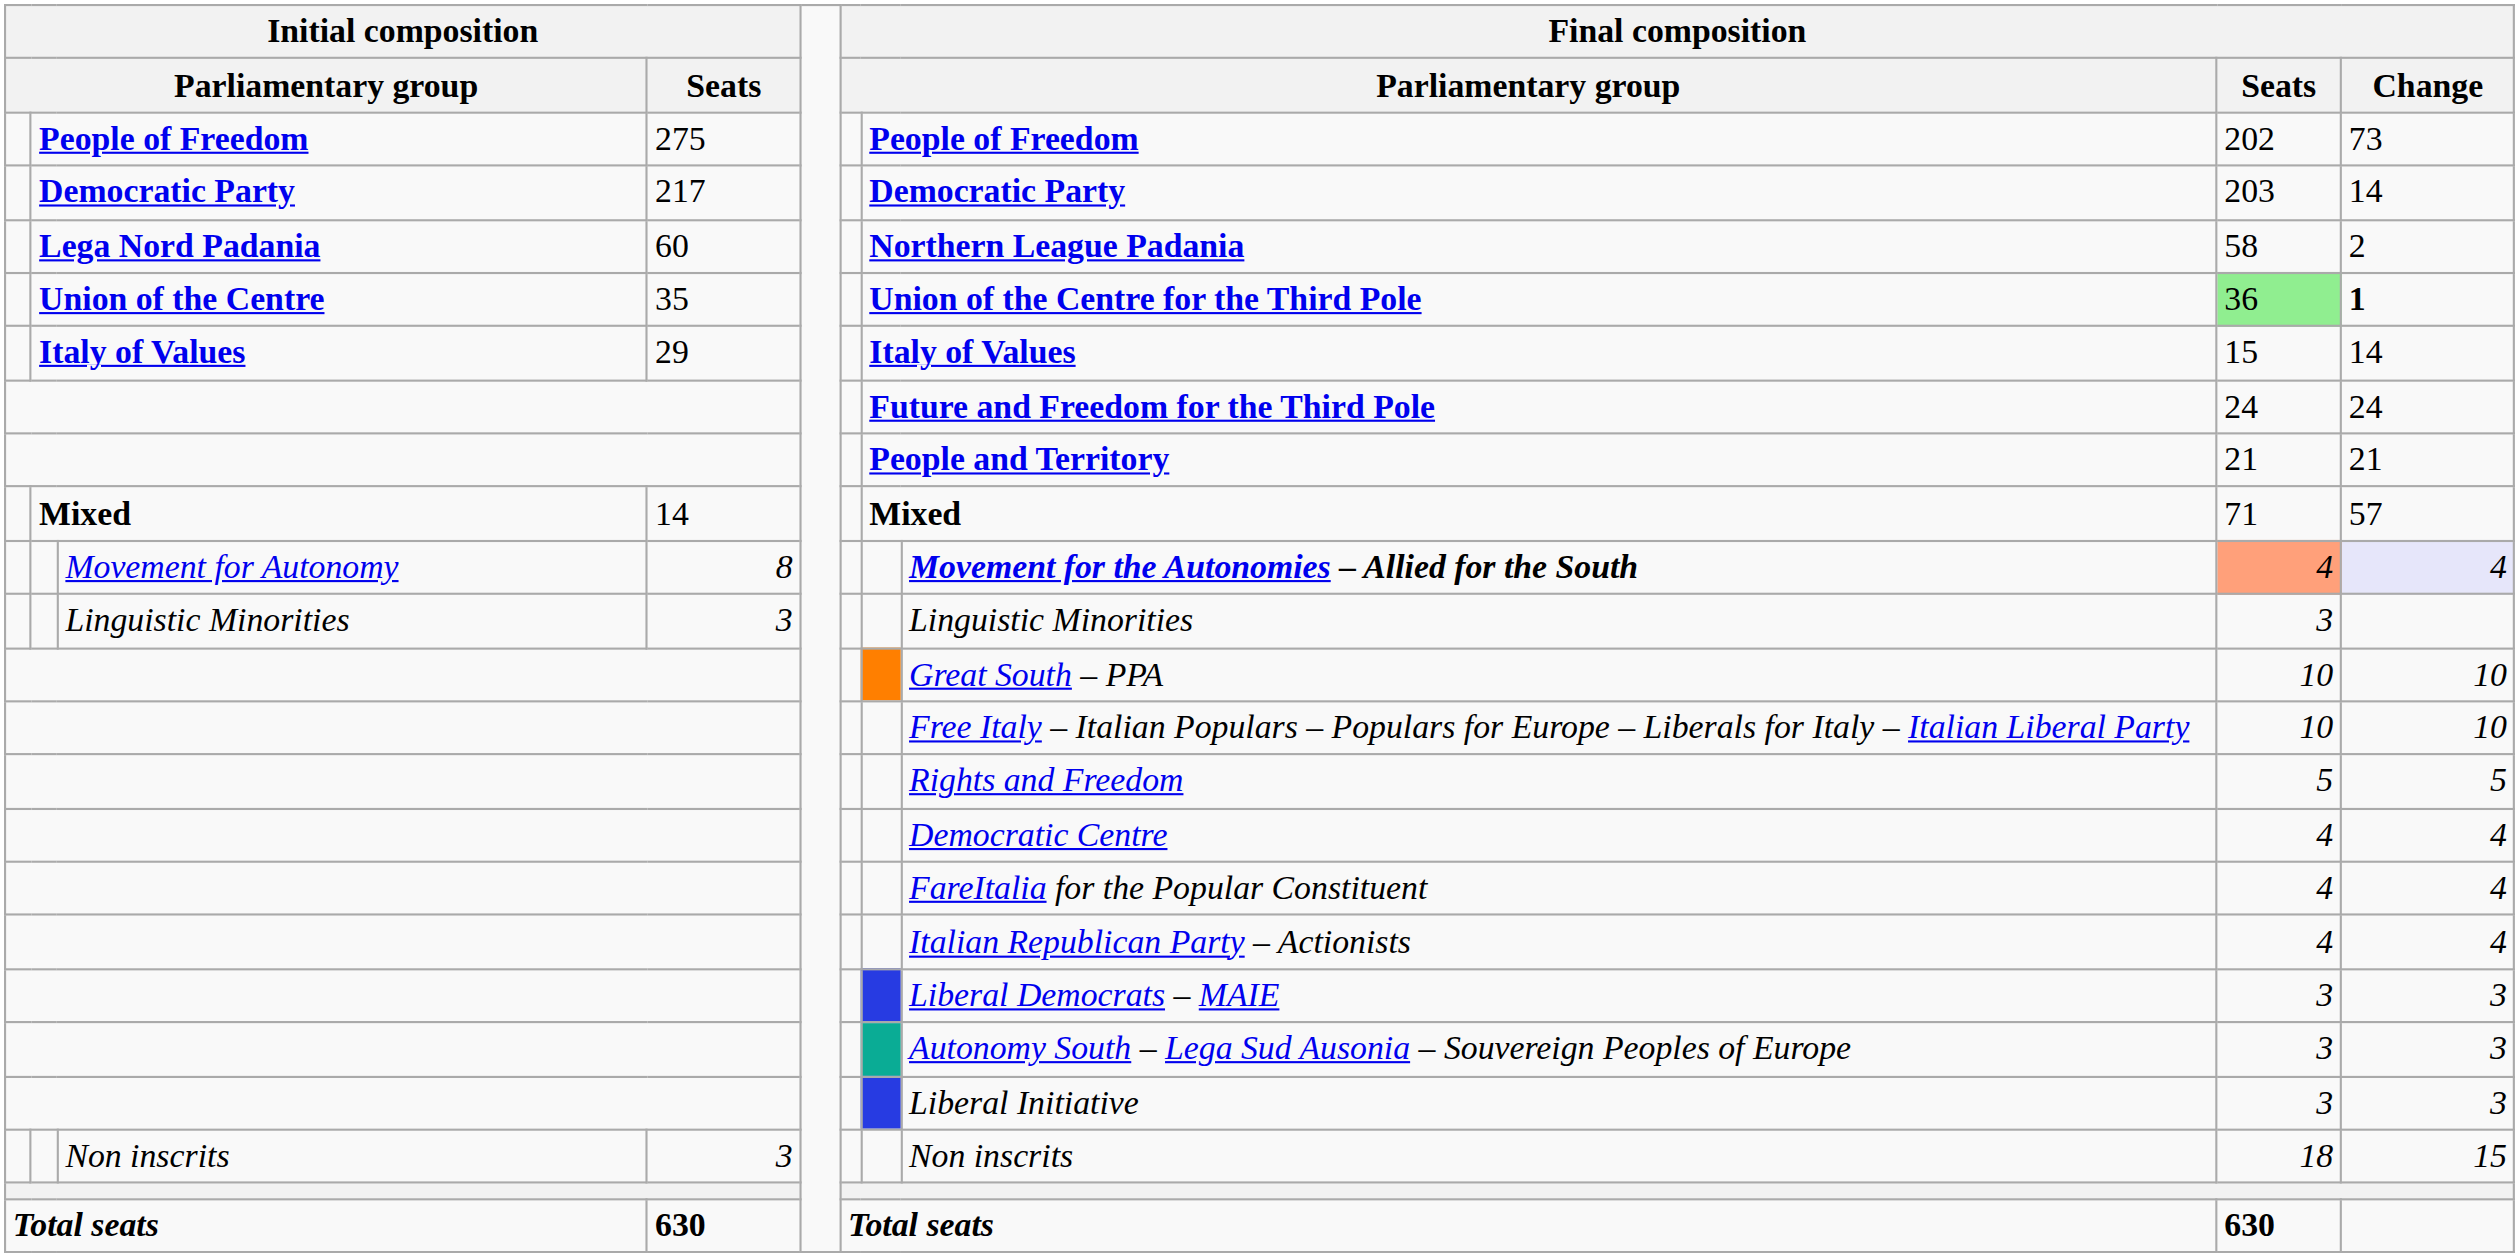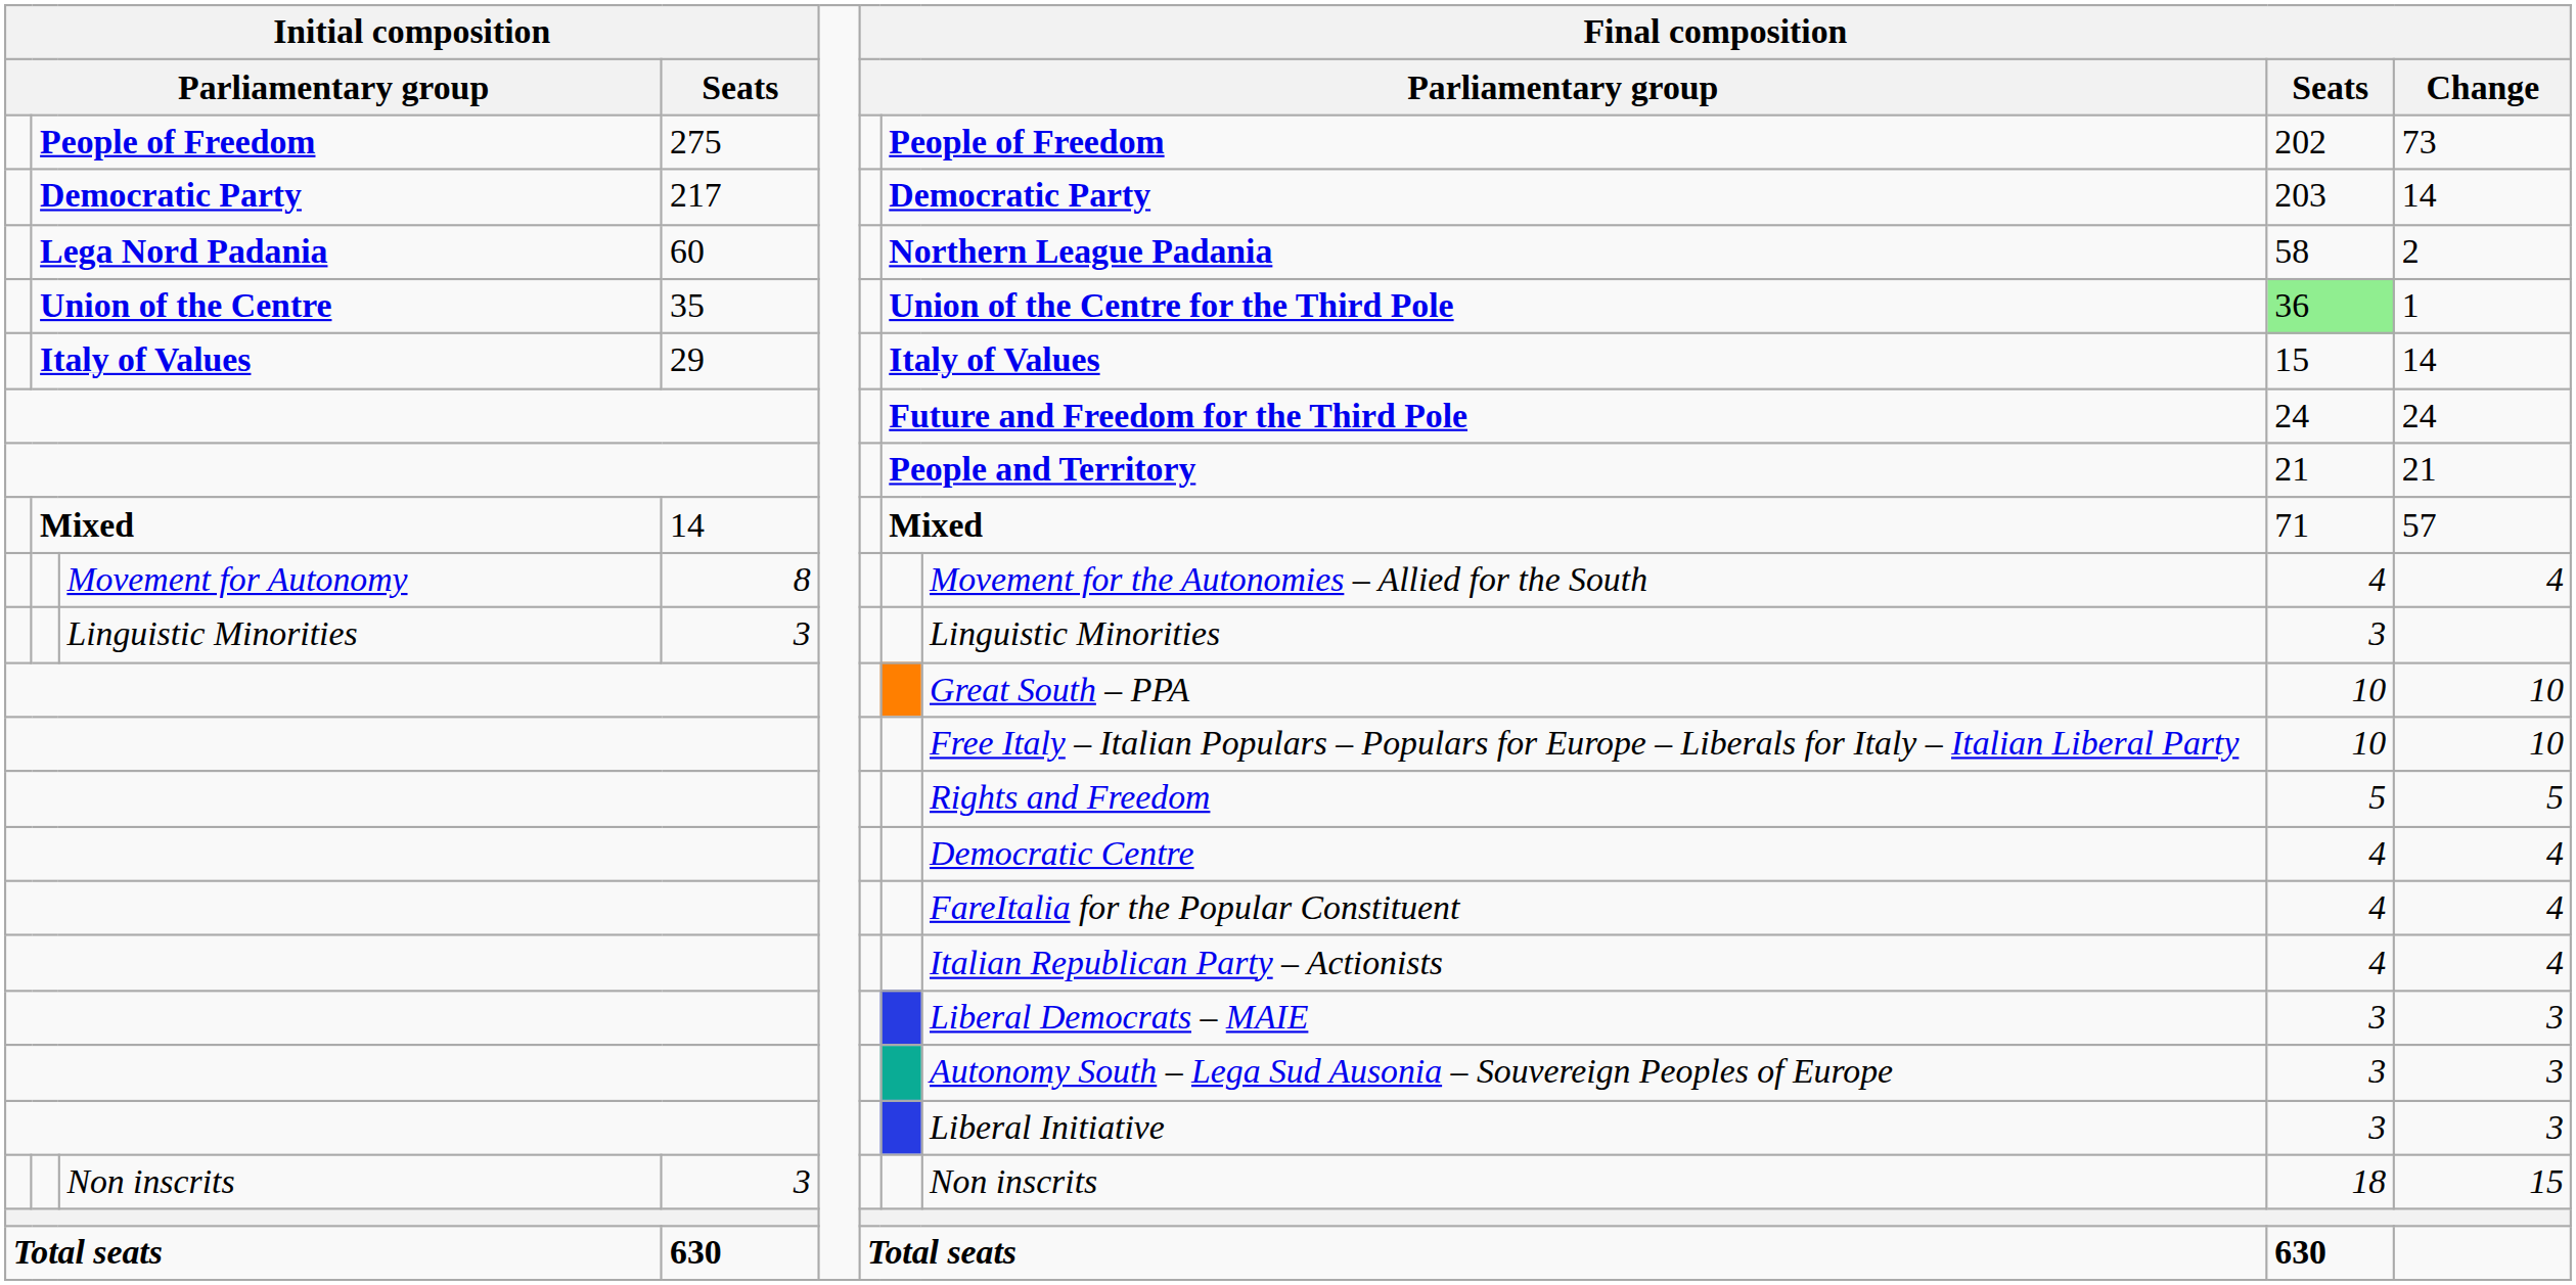 <table class="wikitable" style="width : 60%;">
 <tr>
 <th colspan="4" width=20%>Initial composition</th>
 <td rowspan="25" style="width : 1%;"></td>
 <th colspan="5" width=40%>Final composition</th>
 </tr>
 <tr>
 <th colspan="3">Parliamentary group</th>
 <th>Seats</th>
 <th colspan="3">Parliamentary group</th>
 <th>Seats</th>
 <th>Change</th>
 </tr>
 <tr>
 <td></td>
 <td colspan = "2"><strong><a href='#'>People of Freedom</a></strong></td>
 <td>275</td>
 <td></td>
 <td colspan = "2"><strong><a href='#'>People of Freedom</a></strong></td>
 <td>202</td>
 <td> 73</td>
 </tr>
 <tr>
 <td></td>
 <td colspan = "2"><strong><a href='#'>Democratic Party</a></strong></td>
 <td>217</td>
 <td></td>
 <td colspan = "2"><strong><a href='#'>Democratic Party</a></strong></td>
 <td>203</td>
 <td> 14</td>
 </tr>
 <tr>
 <td></td>
 <td colspan = "2"><strong><a href='#'>Lega Nord Padania</a></strong></td>
 <td>60</td>
 <td></td>
 <td colspan = "2"><strong><a href='#'>Northern League Padania</a></strong></td>
 <td>58</td>
 <td> 2</td>
 </tr>
 <tr>
 <td></td>
 <td colspan = "2"><strong><a href='#'>Union of the Centre</a></strong></td>
 <td>35</td>
 <td></td>
 <td colspan = "2"><strong><a href='#'>Union of the Centre for the Third Pole</a></strong></td>
 <td style="background: lightgreen;">36</td>
-<td><strong> 1</strong></td>
+<td> 1</td>
 </tr>
 <tr>
 <td></td>
 <td colspan = "2"><strong><a href='#'>Italy of Values</a></strong></td>
 <td>29</td>
 <td></td>
 <td colspan = "2"><strong><a href='#'>Italy of Values</a></strong></td>
 <td>15</td>
 <td> 14</td>
 </tr>
 <tr>
 <td colspan = "4"></td>
 <td></td>
 <td colspan = "2"><strong><a href='#'>Future and Freedom for the Third Pole</a></strong></td>
 <td>24</td>
 <td> 24</td>
 </tr>
 <tr>
 <td colspan = "4"></td>
 <td></td>
 <td colspan = "2"><strong><a href='#'>People and Territory</a> </strong></td>
 <td>21</td>
 <td> 21</td>
 </tr>
 <tr>
 <td></td>
 <td colspan = "2"><strong>Mixed</strong></td>
 <td>14</td>
 <td></td>
 <td colspan = "2"><strong>Mixed</strong></td>
 <td>71</td>
 <td> 57</td>
 </tr>
 <tr>
 <td></td>
 <td></td>
 <td><em><a href='#'>Movement for Autonomy</a></em></td>
 <td align="right"><em>8</em></td>
 <td></td>
 <td></td>
-<td><strong><em><a href='#'>Movement for the Autonomies</a> – Allied for the South</em></strong></td>
-<td align="right" style="background: lightsalmon;"><em>4</em></td>
-<td align="right" style="background: lavender;"> <em>4</em></td>
+<td><em><a href='#'>Movement for the Autonomies</a> – Allied for the South</em></td>
+<td align="right"><em>4</em></td>
+<td align="right"> <em>4</em></td>
 </tr>
 <tr>
 <td></td>
 <td></td>
 <td><em>Linguistic Minorities</em></td>
 <td align="right"><em>3</em></td>
 <td></td>
 <td></td>
 <td><em>Linguistic Minorities</em></td>
 <td align="right"><em>3</em></td>
 <td align="right"></td>
 </tr>
 <tr>
 <td colspan="4"></td>
 <td></td>
 <td bgcolor="#FF7F00" width=1%></td>
 <td><em><a href='#'>Great South</a> – PPA</em></td>
 <td align="right"><em>10</em></td>
 <td align="right"> <em>10</em></td>
 </tr>
 <tr>
 <td colspan="4"></td>
 <td></td>
 <td></td>
 <td><em><a href='#'>Free Italy</a> – Italian Populars – Populars for Europe – Liberals for Italy – <a href='#'>Italian Liberal Party</a></em></td>
 <td align="right"><em>10</em></td>
 <td align="right"> <em>10</em></td>
 </tr>
 <tr>
 <td colspan="4"></td>
 <td></td>
 <td></td>
 <td><em><a href='#'>Rights and Freedom</a></em></td>
 <td align="right"><em>5</em></td>
 <td align="right"> <em>5</em></td>
 </tr>
 <tr>
 <td colspan="4"></td>
 <td></td>
 <td></td>
 <td><em><a href='#'>Democratic Centre</a></em></td>
 <td align="right"><em>4</em></td>
 <td align="right"> <em>4</em></td>
 </tr>
 <tr>
 <td colspan="4"></td>
 <td></td>
 <td></td>
 <td><em><a href='#'>FareItalia</a> for the Popular Constituent</em></td>
 <td align="right"><em>4</em></td>
 <td align="right"> <em>4</em></td>
 </tr>
 <tr>
 <td colspan="4"></td>
 <td></td>
 <td></td>
 <td><em><a href='#'>Italian Republican Party</a> – Actionists</em></td>
 <td align="right"><em>4</em></td>
 <td align="right"> <em>4</em></td>
 </tr>
 <tr>
 <td colspan="4"></td>
 <td></td>
 <td bgcolor="#273BE2" width=1%></td>
 <td><em><a href='#'>Liberal Democrats</a> – <a href='#'>MAIE</a></em></td>
 <td align="right"><em>3</em></td>
 <td align="right"> <em>3</em></td>
 </tr>
 <tr>
 <td colspan="4"></td>
 <td></td>
 <td bgcolor="#0AAC95" width=1%></td>
 <td><em><a href='#'>Autonomy South</a> – <a href='#'>Lega Sud Ausonia</a> – Souvereign Peoples of Europe</em></td>
 <td align="right"><em>3</em></td>
 <td align="right"> <em>3</em></td>
 </tr>
 <tr>
 <td colspan="4"></td>
 <td></td>
 <td bgcolor="#273BE2" width=1%></td>
 <td><em>Liberal Initiative</em></td>
 <td align="right"><em>3</em></td>
 <td align="right"> <em>3</em></td>
 </tr>
 <tr>
 <td></td>
 <td></td>
 <td><em>Non inscrits</em></td>
 <td align="right"><em>3</em></td>
 <td></td>
 <td></td>
 <td><em>Non inscrits</em></td>
 <td align="right"><em>18</em></td>
 <td align="right"> <em>15</em></td>
 </tr>
 <tr>
 <th colspan="4"></th>
 <th colspan="5"></th>
 </tr>
 <tr>
 <td colspan="3"><strong><em>Total seats</em></strong></td>
 <td><strong>630</strong></td>
 <td colspan="3"><strong><em>Total seats</em></strong></td>
 <td><strong>630</strong></td>
 <td></td>
 </tr>
 <tr>
 </tr>
 </table>
